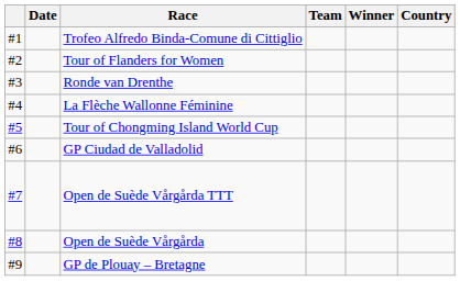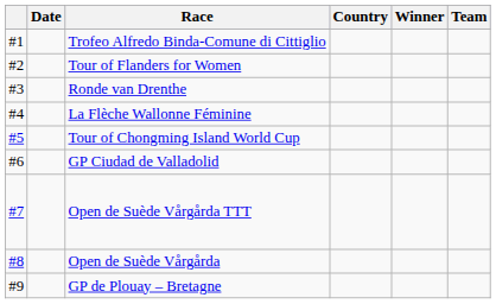 <table class="wikitable sortable">
 <tr style="background:#ccccff;">
 <th></th>
 <th>Date</th>
 <th>Race</th>
+<th>Country</th>
+<th>Winner</th>
 <th>Team</th>
-<th>Winner</th>
-<th>Country</th>
 </tr>
 <tr>
 <td>#1</td>
 <td></td>
 <td><a href='#'>Trofeo Alfredo Binda-Comune di Cittiglio</a></td>
 <td></td>
 <td></td>
 <td></td>
 </tr>
 <tr>
 <td>#2</td>
 <td></td>
 <td><a href='#'>Tour of Flanders for Women</a></td>
 <td></td>
 <td></td>
 <td></td>
 </tr>
 <tr>
 <td>#3</td>
 <td></td>
 <td><a href='#'>Ronde van Drenthe</a></td>
 <td></td>
 <td></td>
 <td></td>
 </tr>
 <tr>
 <td>#4</td>
 <td></td>
 <td><a href='#'>La Flèche Wallonne Féminine</a></td>
 <td></td>
 <td></td>
 <td></td>
 </tr>
 <tr>
 <td><a href='#'>#5</a></td>
 <td></td>
 <td><a href='#'>Tour of Chongming Island World Cup</a></td>
 <td></td>
 <td></td>
 <td></td>
 </tr>
 <tr>
 <td>#6</td>
 <td></td>
 <td><a href='#'>GP Ciudad de Valladolid</a></td>
 <td></td>
 <td></td>
 <td></td>
 </tr>
 <tr>
 <td><a href='#'>#7</a></td>
 <td></td>
 <td><a href='#'>Open de Suède Vårgårda TTT</a></td>
 <td></td>
 <td><br><br><br> <br> </td>
 <td></td>
 </tr>
 <tr>
 <td><a href='#'>#8</a></td>
 <td></td>
 <td><a href='#'>Open de Suède Vårgårda</a></td>
 <td></td>
 <td></td>
 <td></td>
 </tr>
 <tr>
 <td>#9</td>
 <td></td>
 <td><a href='#'>GP de Plouay – Bretagne</a></td>
 <td></td>
 <td></td>
 <td></td>
 </tr>
 </table>
